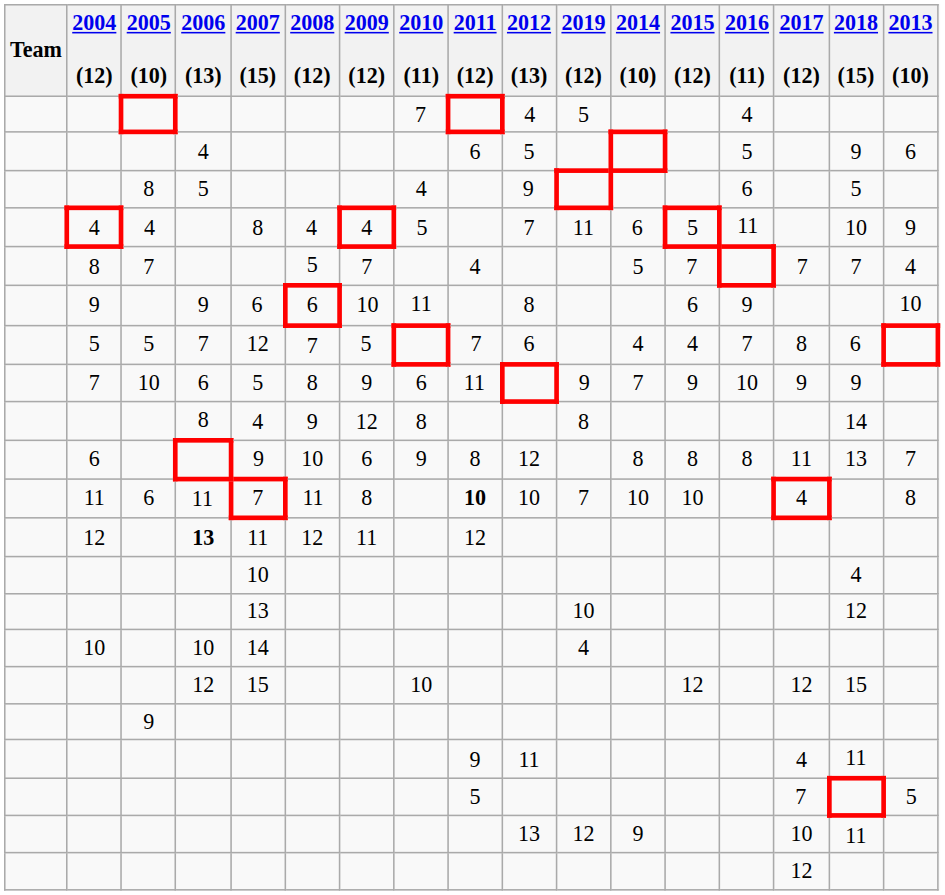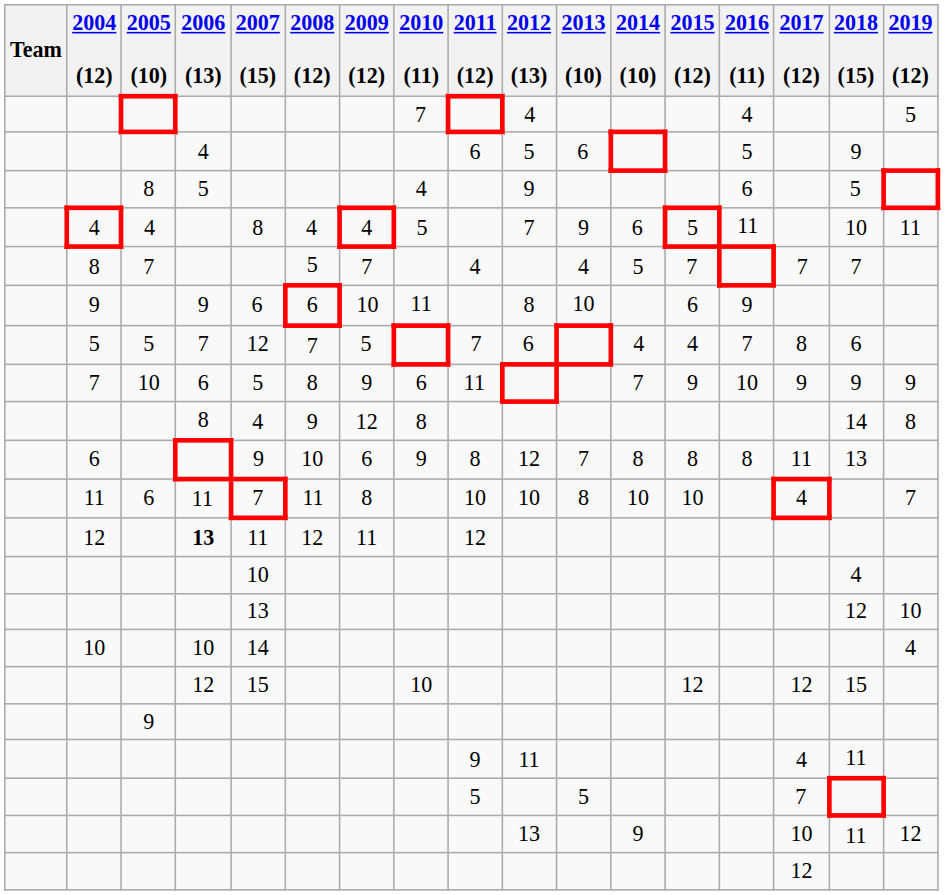 <table class="wikitable" style="font-size: 89%">
 <tr>
 <th>Team</th>
 <th><a href='#'>2004</a><br><br>(12)</th>
 <th><a href='#'>2005</a><br><br>(10)</th>
 <th><a href='#'>2006</a><br><br>(13)</th>
 <th><a href='#'>2007</a><br><br>(15)</th>
 <th><a href='#'>2008</a><br><br>(12)</th>
 <th><a href='#'>2009</a><br><br>(12)</th>
 <th><a href='#'>2010</a><br><br>(11)</th>
 <th><a href='#'>2011</a><br><br>(12)</th>
 <th><a href='#'>2012</a><br><br>(13)</th>
-<th><a href='#'>2019</a><br><br>(12)</th>
+<th><a href='#'>2013</a><br><br>(10)</th>
 <th><a href='#'>2014</a><br><br>(10)</th>
 <th><a href='#'>2015</a><br><br>(12)</th>
 <th><a href='#'>2016</a><br><br>(11)</th>
 <th><a href='#'>2017</a><br><br>(12)</th>
 <th><a href='#'>2018</a><br><br>(15)</th>
-<th><a href='#'>2013</a><br><br>(10)</th>
+<th><a href='#'>2019</a><br><br>(12)</th>
 </tr>
 <tr align=center>
 <td align=left></td>
 <td></td>
 <td style="border: 3px solid red"></td>
 <td></td>
 <td></td>
 <td></td>
 <td></td>
 <td>7</td>
 <td style="border: 3px solid red"></td>
 <td>4</td>
-<td>5</td>
+<td></td>
 <td></td>
 <td></td>
 <td>4</td>
 <td></td>
 <td></td>
-<td></td>
+<td>5</td>
 </tr>
 <tr align=center>
 <td align=left></td>
 <td></td>
 <td></td>
 <td>4</td>
 <td></td>
 <td></td>
 <td></td>
 <td></td>
 <td>6</td>
 <td>5</td>
-<td></td>
+<td>6</td>
 <td style="border: 3px solid red"></td>
 <td></td>
 <td>5</td>
 <td></td>
 <td>9</td>
-<td>6</td>
+<td></td>
 </tr>
 <tr align=center>
 <td align=left></td>
 <td></td>
 <td>8</td>
 <td>5</td>
 <td></td>
 <td></td>
 <td></td>
 <td>4</td>
 <td></td>
 <td>9</td>
-<td style="border: 3px solid red"></td>
+<td></td>
 <td></td>
 <td></td>
 <td>6</td>
 <td></td>
 <td>5</td>
-<td></td>
+<td style="border: 3px solid red"></td>
 </tr>
 <tr align=center>
 <td align=left></td>
 <td style="border: 3px solid red">4</td>
 <td>4</td>
 <td></td>
 <td>8</td>
 <td>4</td>
 <td style="border: 3px solid red">4</td>
 <td>5</td>
 <td></td>
 <td>7</td>
-<td>11</td>
+<td>9</td>
 <td>6</td>
 <td style="border: 3px solid red">5</td>
 <td>11</td>
 <td></td>
 <td>10</td>
-<td>9</td>
+<td>11</td>
 </tr>
 <tr align=center>
 <td align=left></td>
 <td>8</td>
 <td>7</td>
 <td></td>
 <td></td>
 <td>5</td>
 <td>7</td>
 <td></td>
 <td>4</td>
 <td></td>
-<td></td>
+<td>4</td>
 <td>5</td>
 <td>7</td>
 <td style="border: 3px solid red"></td>
 <td>7</td>
 <td>7</td>
-<td>4</td>
+<td></td>
 </tr>
 <tr align=center>
 <td align=left></td>
 <td>9</td>
 <td></td>
 <td>9</td>
 <td>6</td>
 <td style="border: 3px solid red">6</td>
 <td>10</td>
 <td>11</td>
 <td></td>
 <td>8</td>
-<td></td>
+<td>10</td>
 <td></td>
 <td>6</td>
 <td>9</td>
 <td></td>
 <td></td>
-<td>10</td>
+<td></td>
 </tr>
 <tr align=center>
 <td align=left></td>
 <td>5</td>
 <td>5</td>
 <td>7</td>
 <td>12</td>
 <td>7</td>
 <td>5</td>
 <td style="border: 3px solid red"></td>
 <td>7</td>
 <td>6</td>
-<td></td>
+<td style="border: 3px solid red"></td>
 <td>4</td>
 <td>4</td>
 <td>7</td>
 <td>8</td>
 <td>6</td>
-<td style="border: 3px solid red"></td>
+<td></td>
 </tr>
 <tr align=center>
 <td align=left></td>
 <td>7</td>
 <td>10</td>
 <td>6</td>
 <td>5</td>
 <td>8</td>
 <td>9</td>
 <td>6</td>
 <td>11</td>
 <td style="border: 3px solid red"></td>
-<td>9</td>
+<td></td>
 <td>7</td>
 <td>9</td>
 <td>10</td>
 <td>9</td>
 <td>9</td>
-<td></td>
+<td>9</td>
 </tr>
 <tr align=center>
 <td align=left></td>
 <td></td>
 <td></td>
 <td>8</td>
 <td>4</td>
 <td>9</td>
 <td>12</td>
 <td>8</td>
 <td></td>
 <td></td>
-<td>8</td>
+<td></td>
 <td></td>
 <td></td>
 <td></td>
 <td></td>
 <td>14</td>
-<td></td>
+<td>8</td>
 </tr>
 <tr align=center>
 <td align=left></td>
 <td>6</td>
 <td></td>
 <td style="border: 3px solid red"></td>
 <td>9</td>
 <td>10</td>
 <td>6</td>
 <td>9</td>
 <td>8</td>
 <td>12</td>
-<td></td>
+<td>7</td>
 <td>8</td>
 <td>8</td>
 <td>8</td>
 <td>11</td>
 <td>13</td>
-<td>7</td>
+<td></td>
 </tr>
 <tr align=center>
 <td align=left></td>
 <td>11</td>
 <td>6</td>
 <td>11</td>
 <td style="border: 3px solid red">7</td>
 <td>11</td>
 <td>8</td>
 <td></td>
-<td><strong>10</strong></td>
 <td>10</td>
-<td>7</td>
+<td>10</td>
+<td>8</td>
 <td>10</td>
 <td>10</td>
 <td></td>
 <td style="border: 3px solid red">4</td>
 <td></td>
-<td>8</td>
+<td>7</td>
 </tr>
 <tr align=center>
 <td align=left></td>
 <td>12</td>
 <td></td>
 <td><strong>13</strong></td>
 <td>11</td>
 <td>12</td>
 <td>11</td>
 <td></td>
 <td>12</td>
 <td></td>
 <td></td>
 <td></td>
 <td></td>
 <td></td>
 <td></td>
 <td></td>
 <td></td>
 </tr>
 <tr align=center>
 <td align=left></td>
 <td></td>
 <td></td>
 <td></td>
 <td>10</td>
 <td></td>
 <td></td>
 <td></td>
 <td></td>
 <td></td>
 <td></td>
 <td></td>
 <td></td>
 <td></td>
 <td></td>
 <td>4</td>
 <td></td>
 </tr>
 <tr align=center>
 <td align=left></td>
 <td></td>
 <td></td>
 <td></td>
 <td>13</td>
 <td></td>
 <td></td>
 <td></td>
 <td></td>
 <td></td>
-<td>10</td>
+<td></td>
 <td></td>
 <td></td>
 <td></td>
 <td></td>
 <td>12</td>
-<td></td>
+<td>10</td>
 </tr>
 <tr align=center>
 <td align=left></td>
 <td>10</td>
 <td></td>
 <td>10</td>
 <td>14</td>
 <td></td>
 <td></td>
 <td></td>
 <td></td>
 <td></td>
-<td>4</td>
 <td></td>
 <td></td>
 <td></td>
 <td></td>
 <td></td>
 <td></td>
+<td>4</td>
 </tr>
 <tr align=center>
 <td align=left></td>
 <td></td>
 <td></td>
 <td>12</td>
 <td>15</td>
 <td></td>
 <td></td>
 <td>10</td>
 <td></td>
 <td></td>
 <td></td>
 <td></td>
 <td>12</td>
 <td></td>
 <td>12</td>
 <td>15</td>
 <td></td>
 </tr>
 <tr align=center>
 <td align=left></td>
 <td></td>
 <td>9</td>
 <td></td>
 <td></td>
 <td></td>
 <td></td>
 <td></td>
 <td></td>
 <td></td>
 <td></td>
 <td></td>
 <td></td>
 <td></td>
 <td></td>
 <td></td>
 <td></td>
 </tr>
 <tr align=center>
 <td align=left></td>
 <td></td>
 <td></td>
 <td></td>
 <td></td>
 <td></td>
 <td></td>
 <td></td>
 <td>9</td>
 <td>11</td>
 <td></td>
 <td></td>
 <td></td>
 <td></td>
 <td>4</td>
 <td>11</td>
 <td></td>
 </tr>
 <tr align=center>
 <td align=left></td>
 <td></td>
 <td></td>
 <td></td>
 <td></td>
 <td></td>
 <td></td>
 <td></td>
 <td>5</td>
 <td></td>
-<td></td>
+<td>5</td>
 <td></td>
 <td></td>
 <td></td>
 <td>7</td>
 <td style="border: 3px solid red"></td>
-<td>5</td>
+<td></td>
 </tr>
 <tr align=center>
 <td align=left></td>
 <td></td>
 <td></td>
 <td></td>
 <td></td>
 <td></td>
 <td></td>
 <td></td>
 <td></td>
 <td>13</td>
-<td>12</td>
+<td></td>
 <td>9</td>
 <td></td>
 <td></td>
 <td>10</td>
 <td>11</td>
-<td></td>
+<td>12</td>
 </tr>
 <tr align=center>
 <td align=left></td>
 <td></td>
 <td></td>
 <td></td>
 <td></td>
 <td></td>
 <td></td>
 <td></td>
 <td></td>
 <td></td>
 <td></td>
 <td></td>
 <td></td>
 <td></td>
 <td>12</td>
 <td></td>
 <td></td>
 </tr>
 </table>
